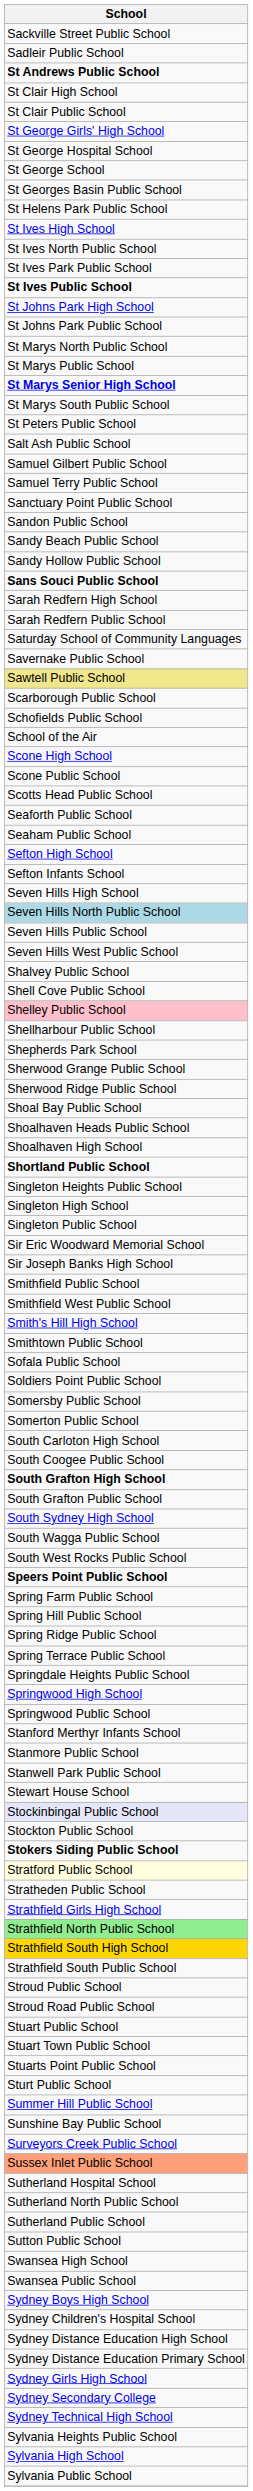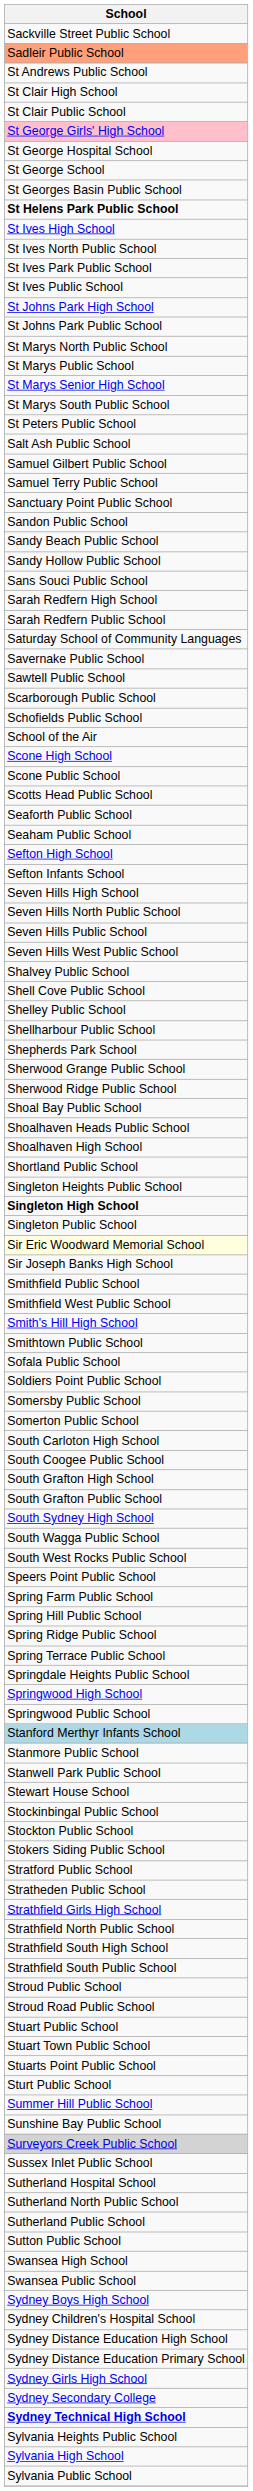 <table class="wikitable">
 <tr>
 <th>School</th>
 </tr>
 <tr>
 <td>Sackville Street Public School</td>
 </tr>
 <tr>
-<td>Sadleir Public School</td>
+<td style="background: lightsalmon;">Sadleir Public School</td>
 </tr>
 <tr>
-<td><strong>St Andrews Public School</strong></td>
+<td>St Andrews Public School</td>
 </tr>
 <tr>
 <td>St Clair High School</td>
 </tr>
 <tr>
 <td>St Clair Public School</td>
 </tr>
 <tr>
-<td><a href='#'>St George Girls' High School</a></td>
+<td style="background: pink;"><a href='#'>St George Girls' High School</a></td>
 </tr>
 <tr>
 <td>St George Hospital School</td>
 </tr>
 <tr>
 <td>St George School</td>
 </tr>
 <tr>
 <td>St Georges Basin Public School</td>
 </tr>
 <tr>
-<td>St Helens Park Public School</td>
+<td><strong>St Helens Park Public School</strong></td>
 </tr>
 <tr>
 <td><a href='#'>St Ives High School</a></td>
 </tr>
 <tr>
 <td>St Ives North Public School</td>
 </tr>
 <tr>
 <td>St Ives Park Public School</td>
 </tr>
 <tr>
-<td><strong>St Ives Public School</strong></td>
+<td>St Ives Public School</td>
 </tr>
 <tr>
 <td><a href='#'>St Johns Park High School</a></td>
 </tr>
 <tr>
 <td>St Johns Park Public School</td>
 </tr>
 <tr>
 <td>St Marys North Public School</td>
 </tr>
 <tr>
 <td>St Marys Public School</td>
 </tr>
 <tr>
-<td><strong><a href='#'>St Marys Senior High School</a></strong></td>
+<td><a href='#'>St Marys Senior High School</a></td>
 </tr>
 <tr>
 <td>St Marys South Public School</td>
 </tr>
 <tr>
 <td>St Peters Public School</td>
 </tr>
 <tr>
 <td>Salt Ash Public School</td>
 </tr>
 <tr>
 <td>Samuel Gilbert Public School</td>
 </tr>
 <tr>
 <td>Samuel Terry Public School</td>
 </tr>
 <tr>
 <td>Sanctuary Point Public School</td>
 </tr>
 <tr>
 <td>Sandon Public School</td>
 </tr>
 <tr>
 <td>Sandy Beach Public School</td>
 </tr>
 <tr>
 <td>Sandy Hollow Public School</td>
 </tr>
 <tr>
-<td><strong>Sans Souci Public School</strong></td>
+<td>Sans Souci Public School</td>
 </tr>
 <tr>
 <td>Sarah Redfern High School</td>
 </tr>
 <tr>
 <td>Sarah Redfern Public School</td>
 </tr>
 <tr>
 <td>Saturday School of Community Languages</td>
 </tr>
 <tr>
 <td>Savernake Public School</td>
 </tr>
 <tr>
-<td style="background: khaki;">Sawtell Public School</td>
+<td>Sawtell Public School</td>
 </tr>
 <tr>
 <td>Scarborough Public School</td>
 </tr>
 <tr>
 <td>Schofields Public School</td>
 </tr>
 <tr>
 <td>School of the Air</td>
 </tr>
 <tr>
 <td><a href='#'>Scone High School</a></td>
 </tr>
 <tr>
 <td>Scone Public School</td>
 </tr>
 <tr>
 <td>Scotts Head Public School</td>
 </tr>
 <tr>
 <td>Seaforth Public School</td>
 </tr>
 <tr>
 <td>Seaham Public School</td>
 </tr>
 <tr>
 <td><a href='#'>Sefton High School</a></td>
 </tr>
 <tr>
 <td>Sefton Infants School</td>
 </tr>
 <tr>
 <td>Seven Hills High School</td>
 </tr>
 <tr>
-<td style="background: lightblue;">Seven Hills North Public School</td>
+<td>Seven Hills North Public School</td>
 </tr>
 <tr>
 <td>Seven Hills Public School</td>
 </tr>
 <tr>
 <td>Seven Hills West Public School</td>
 </tr>
 <tr>
 <td>Shalvey Public School</td>
 </tr>
 <tr>
 <td>Shell Cove Public School</td>
 </tr>
 <tr>
-<td style="background: pink;">Shelley Public School</td>
+<td>Shelley Public School</td>
 </tr>
 <tr>
 <td>Shellharbour Public School</td>
 </tr>
 <tr>
 <td>Shepherds Park School</td>
 </tr>
 <tr>
 <td>Sherwood Grange Public School</td>
 </tr>
 <tr>
 <td>Sherwood Ridge Public School</td>
 </tr>
 <tr>
 <td>Shoal Bay Public School</td>
 </tr>
 <tr>
 <td>Shoalhaven Heads Public School</td>
 </tr>
 <tr>
 <td>Shoalhaven High School</td>
 </tr>
 <tr>
-<td><strong>Shortland Public School</strong></td>
+<td>Shortland Public School</td>
 </tr>
 <tr>
 <td>Singleton Heights Public School</td>
 </tr>
 <tr>
-<td>Singleton High School</td>
+<td><strong>Singleton High School</strong></td>
 </tr>
 <tr>
 <td>Singleton Public School</td>
 </tr>
 <tr>
-<td>Sir Eric Woodward Memorial School</td>
+<td style="background: lightyellow;">Sir Eric Woodward Memorial School</td>
 </tr>
 <tr>
 <td>Sir Joseph Banks High School</td>
 </tr>
 <tr>
 <td>Smithfield Public School</td>
 </tr>
 <tr>
 <td>Smithfield West Public School</td>
 </tr>
 <tr>
 <td><a href='#'>Smith's Hill High School</a></td>
 </tr>
 <tr>
 <td>Smithtown Public School</td>
 </tr>
 <tr>
 <td>Sofala Public School</td>
 </tr>
 <tr>
 <td>Soldiers Point Public School</td>
 </tr>
 <tr>
 <td>Somersby Public School</td>
 </tr>
 <tr>
 <td>Somerton Public School</td>
 </tr>
 <tr>
 <td>South Carloton High School</td>
 </tr>
 <tr>
 <td>South Coogee Public School</td>
 </tr>
 <tr>
-<td><strong>South Grafton High School</strong></td>
+<td>South Grafton High School</td>
 </tr>
 <tr>
 <td>South Grafton Public School</td>
 </tr>
 <tr>
 <td><a href='#'>South Sydney High School</a></td>
 </tr>
 <tr>
 <td>South Wagga Public School</td>
 </tr>
 <tr>
 <td>South West Rocks Public School</td>
 </tr>
 <tr>
-<td><strong>Speers Point Public School</strong></td>
+<td>Speers Point Public School</td>
 </tr>
 <tr>
 <td>Spring Farm Public School</td>
 </tr>
 <tr>
 <td>Spring Hill Public School</td>
 </tr>
 <tr>
 <td>Spring Ridge Public School</td>
 </tr>
 <tr>
 <td>Spring Terrace Public School</td>
 </tr>
 <tr>
 <td>Springdale Heights Public School</td>
 </tr>
 <tr>
 <td><a href='#'>Springwood High School</a></td>
 </tr>
 <tr>
 <td>Springwood Public School</td>
 </tr>
 <tr>
-<td>Stanford Merthyr Infants School</td>
+<td style="background: lightblue;">Stanford Merthyr Infants School</td>
 </tr>
 <tr>
 <td>Stanmore Public School</td>
 </tr>
 <tr>
 <td>Stanwell Park Public School</td>
 </tr>
 <tr>
 <td>Stewart House School</td>
 </tr>
 <tr>
-<td style="background: lavender;">Stockinbingal Public School</td>
+<td>Stockinbingal Public School</td>
 </tr>
 <tr>
 <td>Stockton Public School</td>
 </tr>
 <tr>
-<td><strong>Stokers Siding Public School</strong></td>
+<td>Stokers Siding Public School</td>
 </tr>
 <tr>
-<td style="background: lightyellow;">Stratford Public School</td>
+<td>Stratford Public School</td>
 </tr>
 <tr>
 <td>Stratheden Public School</td>
 </tr>
 <tr>
 <td><a href='#'>Strathfield Girls High School</a></td>
 </tr>
 <tr>
-<td style="background: lightgreen;">Strathfield North Public School</td>
+<td>Strathfield North Public School</td>
 </tr>
 <tr>
-<td style="background: gold;">Strathfield South High School</td>
+<td>Strathfield South High School</td>
 </tr>
 <tr>
 <td>Strathfield South Public School</td>
 </tr>
 <tr>
 <td>Stroud Public School</td>
 </tr>
 <tr>
 <td>Stroud Road Public School</td>
 </tr>
 <tr>
 <td>Stuart Public School</td>
 </tr>
 <tr>
 <td>Stuart Town Public School</td>
 </tr>
 <tr>
 <td>Stuarts Point Public School</td>
 </tr>
 <tr>
 <td>Sturt Public School</td>
 </tr>
 <tr>
 <td><a href='#'>Summer Hill Public School</a></td>
 </tr>
 <tr>
 <td>Sunshine Bay Public School</td>
 </tr>
 <tr>
-<td><a href='#'>Surveyors Creek Public School</a></td>
+<td style="background: lightgrey;"><a href='#'>Surveyors Creek Public School</a></td>
 </tr>
 <tr>
-<td style="background: lightsalmon;">Sussex Inlet Public School</td>
+<td>Sussex Inlet Public School</td>
 </tr>
 <tr>
 <td>Sutherland Hospital School</td>
 </tr>
 <tr>
 <td>Sutherland North Public School</td>
 </tr>
 <tr>
 <td>Sutherland Public School</td>
 </tr>
 <tr>
 <td>Sutton Public School</td>
 </tr>
 <tr>
 <td>Swansea High School</td>
 </tr>
 <tr>
 <td>Swansea Public School</td>
 </tr>
 <tr>
 <td><a href='#'>Sydney Boys High School</a></td>
 </tr>
 <tr>
 <td>Sydney Children's Hospital School</td>
 </tr>
 <tr>
 <td>Sydney Distance Education High School</td>
 </tr>
 <tr>
 <td>Sydney Distance Education Primary School</td>
 </tr>
 <tr>
 <td><a href='#'>Sydney Girls High School</a></td>
 </tr>
 <tr>
 <td><a href='#'>Sydney Secondary College</a></td>
 </tr>
 <tr>
-<td><a href='#'>Sydney Technical High School</a></td>
+<td><strong><a href='#'>Sydney Technical High School</a></strong></td>
 </tr>
 <tr>
 <td>Sylvania Heights Public School</td>
 </tr>
 <tr>
 <td><a href='#'>Sylvania High School</a></td>
 </tr>
 <tr>
 <td>Sylvania Public School</td>
 </tr>
 <tr>
 </tr>
 </table>
